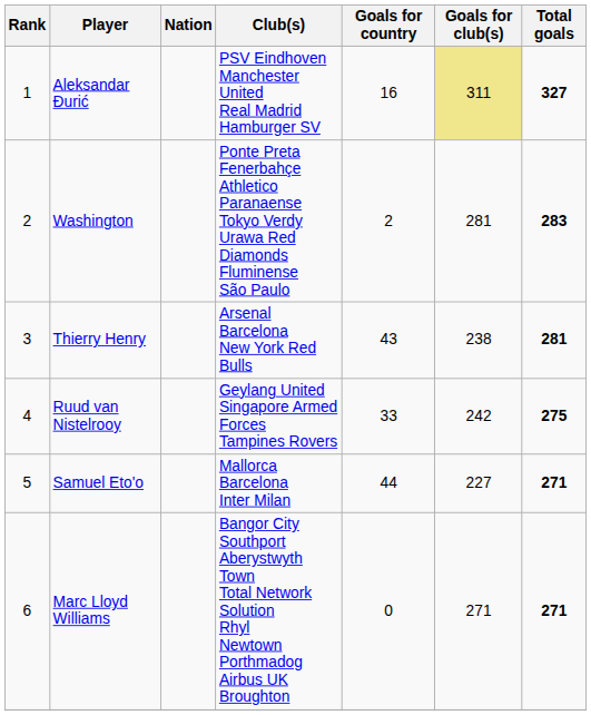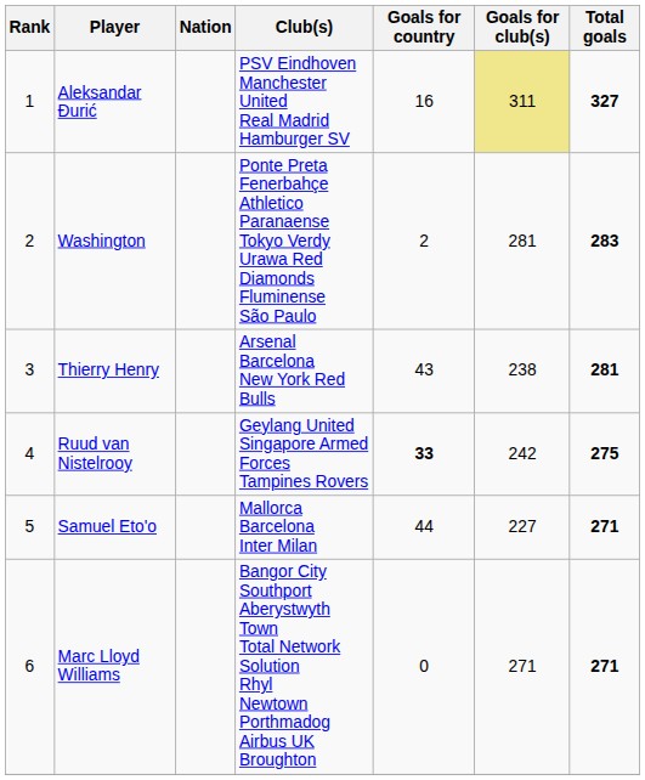 <table class="wikitable sortable">
 <tr>
 <th>Rank</th>
 <th>Player</th>
 <th>Nation</th>
 <th>Club(s)</th>
 <th>Goals for country</th>
 <th>Goals for club(s)</th>
 <th>Total goals</th>
 </tr>
 <tr>
 <td align="center">1</td>
 <td><a href='#'>Aleksandar Đurić</a></td>
 <td></td>
 <td> <a href='#'>PSV Eindhoven</a><br> <a href='#'>Manchester United</a><br> <a href='#'>Real Madrid</a><br> <a href='#'>Hamburger SV</a></td>
 <td align="center">16</td>
 <td align="center" style="background: khaki;">311</td>
 <td align="center"><strong>327</strong></td>
 </tr>
 <tr>
 <td align="center">2</td>
 <td><a href='#'>Washington</a></td>
 <td></td>
 <td> <a href='#'>Ponte Preta</a><br> <a href='#'>Fenerbahçe</a><br> <a href='#'>Athletico Paranaense</a><br> <a href='#'>Tokyo Verdy</a><br> <a href='#'>Urawa Red Diamonds</a><br> <a href='#'>Fluminense</a><br> <a href='#'>São Paulo</a></td>
 <td align="center">2</td>
 <td align="center">281</td>
 <td align="center"><strong>283</strong></td>
 </tr>
 <tr>
 <td align="center">3</td>
 <td><a href='#'>Thierry Henry</a></td>
 <td></td>
 <td> <a href='#'>Arsenal</a><br> <a href='#'>Barcelona</a><br> <a href='#'>New York Red Bulls</a></td>
 <td align="center">43</td>
 <td align="center">238</td>
 <td align="center"><strong>281</strong></td>
 </tr>
 <tr>
 <td align="center">4</td>
 <td><a href='#'>Ruud van Nistelrooy</a></td>
 <td></td>
 <td> <a href='#'>Geylang United</a><br> <a href='#'>Singapore Armed Forces</a><br> <a href='#'>Tampines Rovers</a></td>
-<td align="center">33</td>
+<td align="center"><strong>33</strong></td>
 <td align="center">242</td>
 <td align="center"><strong>275</strong></td>
 </tr>
 <tr>
 <td align="center">5</td>
 <td><a href='#'>Samuel Eto'o</a></td>
 <td></td>
 <td> <a href='#'>Mallorca</a><br> <a href='#'>Barcelona</a><br> <a href='#'>Inter Milan</a></td>
 <td align="center">44</td>
 <td align="center">227</td>
 <td align="center"><strong>271</strong></td>
 </tr>
 <tr>
 <td align="center">6</td>
 <td><a href='#'>Marc Lloyd Williams</a></td>
 <td></td>
 <td> <a href='#'>Bangor City</a><br> <a href='#'>Southport</a><br> <a href='#'>Aberystwyth Town</a><br> <a href='#'>Total Network Solution</a><br> <a href='#'>Rhyl</a><br> <a href='#'>Newtown</a><br> <a href='#'>Porthmadog</a><br> <a href='#'>Airbus UK Broughton</a></td>
 <td align="center">0</td>
 <td align="center">271</td>
 <td align="center"><strong>271</strong></td>
 </tr>
 <tr>
 </tr>
 </table>
